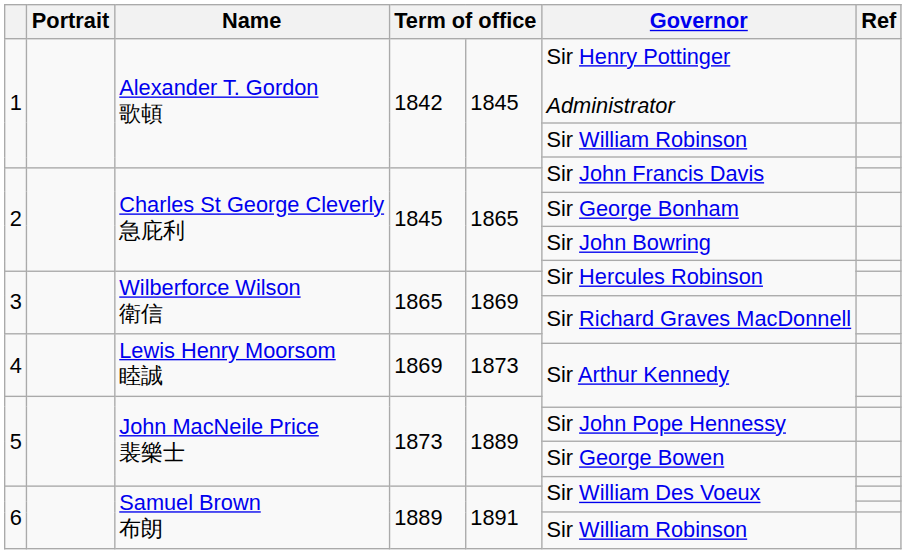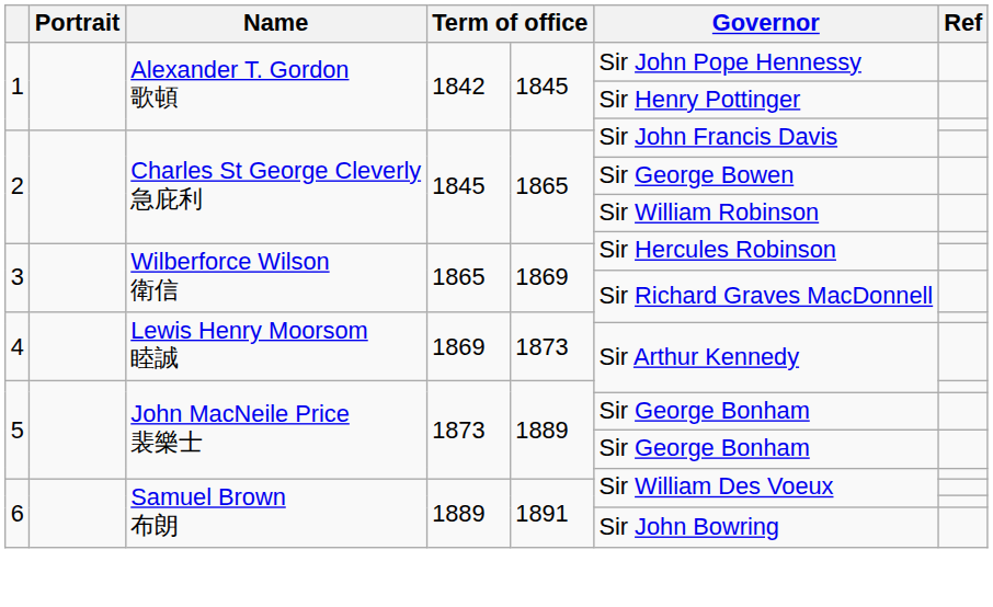 <table class="wikitable" style="text-align:left">
 <tr>
 <th></th>
 <th>Portrait</th>
 <th>Name</th>
 <th colspan="2">Term of office</th>
 <th><a href='#'>Governor</a></th>
 <th>Ref</th>
 </tr>
 <tr>
 <td rowspan="3" align="center">1</td>
 <td rowspan="3"></td>
 <td rowspan="3"><a href='#'>Alexander T. Gordon</a><br>歌頓</td>
 <td rowspan="3">1842</td>
 <td rowspan="3">1845</td>
-<td>Sir <a href='#'>Henry Pottinger</a><br><br><em>Administrator</em></td>
+<td>Sir <a href='#'>John Pope Hennessy</a><br></td>
 <td></td>
 </tr>
 <tr>
-<td>Sir <a href='#'>William Robinson</a><br></td>
+<td>Sir <a href='#'>Henry Pottinger</a><br></td>
 <td></td>
 </tr>
 <tr>
 <td rowspan="2">Sir <a href='#'>John Francis Davis</a><br></td>
 <td></td>
 </tr>
 <tr>
 <td rowspan="4" align="center">2</td>
 <td rowspan="4"></td>
 <td rowspan="4"><a href='#'>Charles St George Cleverly</a><br>急庇利</td>
 <td rowspan="4">1845</td>
 <td rowspan="4">1865</td>
 <td></td>
 </tr>
 <tr>
-<td>Sir <a href='#'>George Bonham</a><br></td>
+<td>Sir <a href='#'>George Bowen</a><br></td>
 <td></td>
 </tr>
 <tr>
-<td>Sir <a href='#'>John Bowring</a><br></td>
+<td>Sir <a href='#'>William Robinson</a><br></td>
 <td></td>
 </tr>
 <tr>
 <td rowspan="2">Sir <a href='#'>Hercules Robinson</a><br></td>
 <td></td>
 </tr>
 <tr>
 <td rowspan="2" align="center">3</td>
 <td rowspan="2"></td>
 <td rowspan="2"><a href='#'>Wilberforce Wilson</a><br>衛信</td>
 <td rowspan="2">1865</td>
 <td rowspan="2">1869</td>
 <td></td>
 </tr>
 <tr>
 <td rowspan="2">Sir <a href='#'>Richard Graves MacDonnell</a><br></td>
 <td></td>
 </tr>
 <tr>
 <td rowspan="2" align="center">4</td>
 <td rowspan="2"></td>
 <td rowspan="2"><a href='#'>Lewis Henry Moorsom</a><br>睦誠</td>
 <td rowspan="2">1869</td>
 <td rowspan="2">1873</td>
 <td></td>
 </tr>
 <tr>
 <td rowspan="2">Sir <a href='#'>Arthur Kennedy</a><br></td>
 <td></td>
 </tr>
 <tr>
 <td rowspan="4" align="center">5</td>
 <td rowspan="4"></td>
 <td rowspan="4"><a href='#'>John MacNeile Price</a><br>裴樂士</td>
 <td rowspan="4">1873</td>
 <td rowspan="4">1889</td>
 <td></td>
 </tr>
 <tr>
-<td>Sir <a href='#'>John Pope Hennessy</a><br></td>
+<td>Sir <a href='#'>George Bonham</a><br></td>
 <td></td>
 </tr>
 <tr>
-<td>Sir <a href='#'>George Bowen</a><br></td>
+<td>Sir <a href='#'>George Bonham</a><br></td>
 <td></td>
 </tr>
 <tr>
 <td rowspan="3">Sir <a href='#'>William Des Voeux</a><br></td>
 <td></td>
 </tr>
 <tr>
 <td rowspan="3" align="center">6</td>
 <td rowspan="3"></td>
 <td rowspan="3"><a href='#'>Samuel Brown</a><br>布朗</td>
 <td rowspan="3">1889</td>
 <td rowspan="3">1891</td>
 <td></td>
 </tr>
 <tr>
 <td></td>
 </tr>
 <tr>
-<td>Sir <a href='#'>William Robinson</a><br></td>
+<td>Sir <a href='#'>John Bowring</a><br></td>
 <td></td>
 </tr>
 </table>
